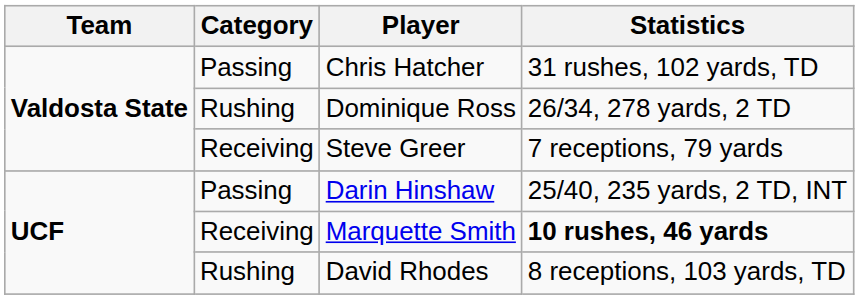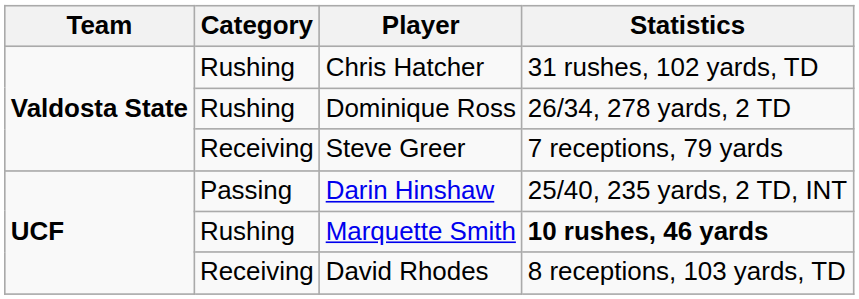 <table class="wikitable" style="float: left;">
 <tr>
 <th>Team</th>
 <th>Category</th>
 <th>Player</th>
 <th>Statistics</th>
 </tr>
 <tr>
 <td rowspan=3><strong>Valdosta State</strong></td>
-<td>Passing</td>
+<td>Rushing</td>
 <td>Chris Hatcher</td>
 <td>31 rushes, 102 yards, TD</td>
 </tr>
 <tr>
 <td>Rushing</td>
 <td>Dominique Ross</td>
 <td>26/34, 278 yards, 2 TD</td>
 </tr>
 <tr>
 <td>Receiving</td>
 <td>Steve Greer</td>
 <td>7 receptions, 79 yards</td>
 </tr>
 <tr>
 <td rowspan=3><strong>UCF</strong></td>
 <td>Passing</td>
 <td><a href='#'>Darin Hinshaw</a></td>
 <td>25/40, 235 yards, 2 TD, INT</td>
 </tr>
 <tr>
-<td>Receiving</td>
+<td>Rushing</td>
 <td><a href='#'>Marquette Smith</a></td>
 <td><strong>10 rushes, 46 yards</strong></td>
 </tr>
 <tr>
-<td>Rushing</td>
+<td>Receiving</td>
 <td>David Rhodes</td>
 <td>8 receptions, 103 yards, TD</td>
 </tr>
 </table>
